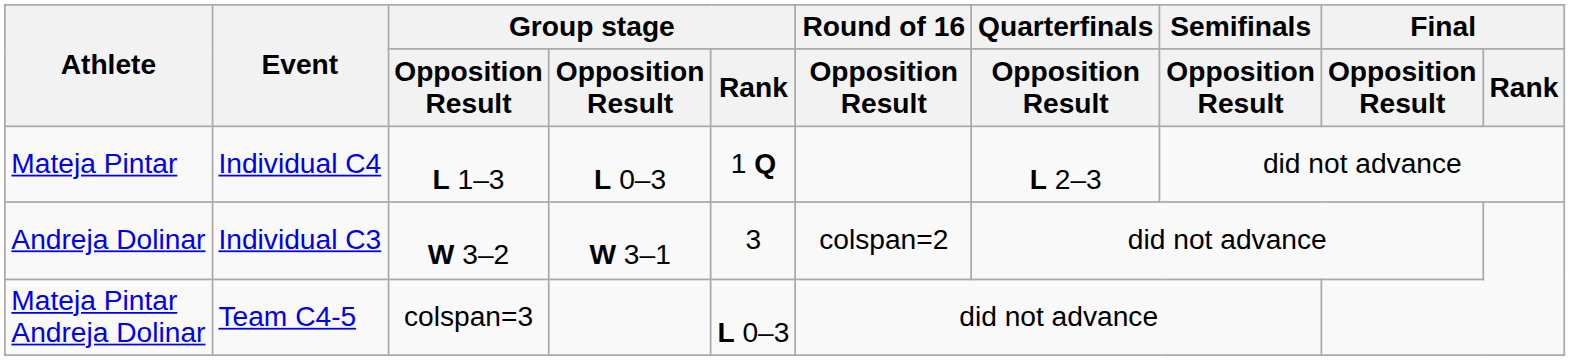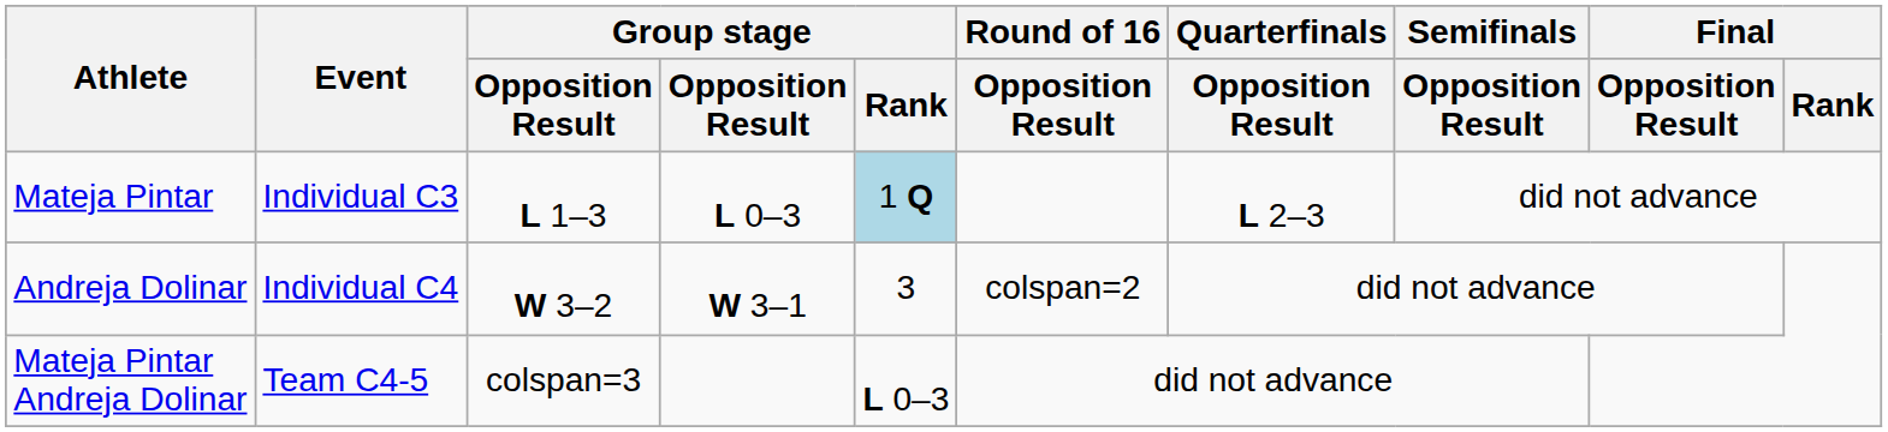 <table class=wikitable>
 <tr>
 <th rowspan="2">Athlete</th>
 <th rowspan="2">Event</th>
 <th colspan="3">Group stage</th>
 <th>Round of 16</th>
 <th>Quarterfinals</th>
 <th>Semifinals</th>
 <th colspan="2">Final</th>
 </tr>
 <tr>
 <th>Opposition<br>Result</th>
 <th>Opposition<br>Result</th>
 <th>Rank</th>
 <th>Opposition<br>Result</th>
 <th>Opposition<br>Result</th>
 <th>Opposition<br>Result</th>
 <th>Opposition<br>Result</th>
 <th>Rank</th>
 </tr>
 <tr align=center>
 <td align=left><a href='#'>Mateja Pintar</a></td>
-<td align=left><a href='#'>Individual C4</a></td>
+<td align=left><a href='#'>Individual C3</a></td>
 <td><br> <strong>L</strong> 1–3</td>
 <td><br> <strong>L</strong> 0–3</td>
-<td>1 <strong>Q</strong></td>
+<td style="background: lightblue;">1 <strong>Q</strong></td>
 <td></td>
 <td><br> <strong>L</strong> 2–3</td>
 <td colspan=3>did not advance</td>
 </tr>
 <tr align=center>
 <td align=left><a href='#'>Andreja Dolinar</a></td>
-<td align=left><a href='#'>Individual C3</a></td>
+<td align=left><a href='#'>Individual C4</a></td>
 <td><br> <strong>W</strong> 3–2</td>
 <td><br> <strong>W</strong> 3–1</td>
 <td>3</td>
 <td>colspan=2 </td>
 <td colspan=3>did not advance</td>
 </tr>
 <tr align=center>
 <td align=left><a href='#'>Mateja Pintar</a><br><a href='#'>Andreja Dolinar</a></td>
 <td align=left><a href='#'>Team C4-5</a></td>
 <td>colspan=3 </td>
 <td></td>
 <td><br><strong>L</strong> 0–3</td>
 <td colspan=3>did not advance</td>
 </tr>
 </table>
